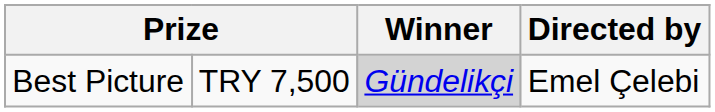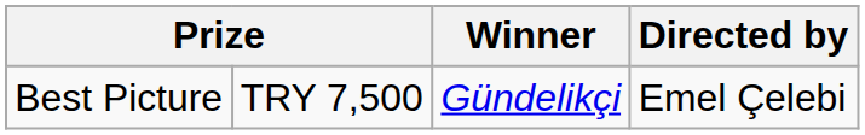 <table class="wikitable">
 <tr>
 <th colspan=2>Prize</th>
 <th>Winner</th>
 <th>Directed by</th>
 </tr>
 <tr>
 <td>Best Picture</td>
 <td>TRY 7,500</td>
-<td style="background: lightgrey;"><em><a href='#'>Gündelikçi</a></em></td>
+<td><em><a href='#'>Gündelikçi</a></em></td>
 <td>Emel Çelebi</td>
 </tr>
 </table>
